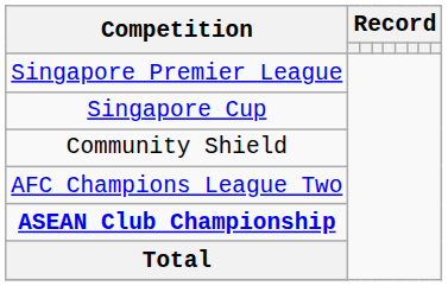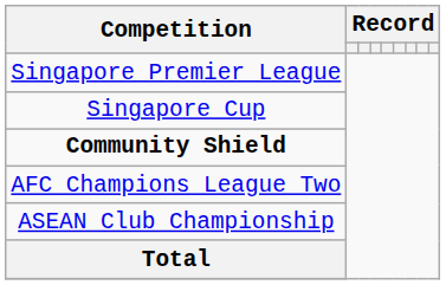 <table class="wikitable" style="text-align: center">
 <tr>
 <th rowspan=2>Competition</th>
 <th colspan=8>Record</th>
 </tr>
 <tr>
 <th></th>
 <th></th>
 <th></th>
 <th></th>
 <th></th>
 <th></th>
 <th></th>
 <th></th>
 </tr>
 <tr>
 <td><a href='#'>Singapore Premier League</a><br></td>
 </tr>
 <tr>
 <td><a href='#'>Singapore Cup</a><br></td>
 </tr>
 <tr>
-<td>Community Shield<br></td>
+<td><strong>Community Shield<br></strong></td>
 </tr>
 <tr>
 <td><a href='#'>AFC Champions League Two</a><br></td>
 </tr>
 <tr>
-<td><strong><a href='#'>ASEAN Club Championship</a><br></strong></td>
+<td><a href='#'>ASEAN Club Championship</a><br></td>
 </tr>
 <tr>
 <th>Total<br></th>
 </tr>
 <tr>
 </tr>
 </table>
